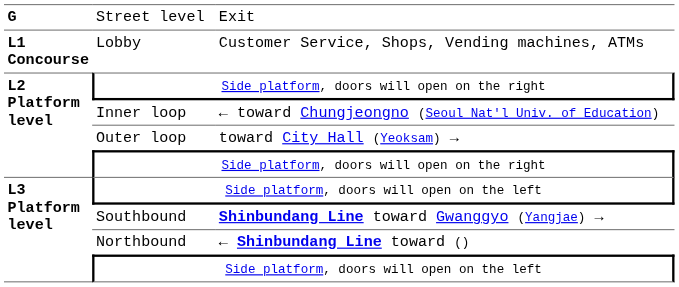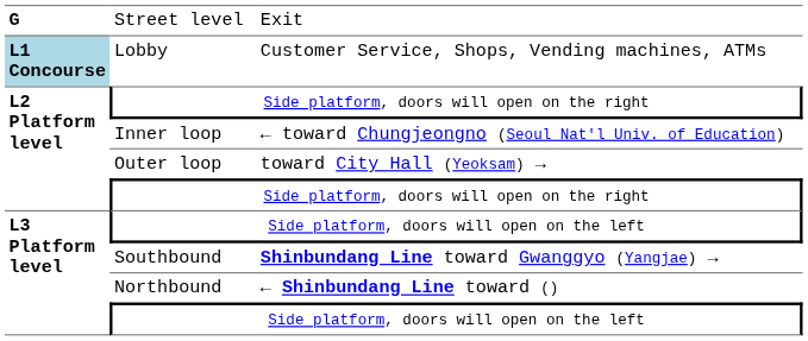 <table table border=0 cellspacing=0 cellpadding=3>
 <tr>
 <td style="border-top:solid 1px gray;" width=50 valign=top><strong>G</strong></td>
 <td style="border-top:solid 1px gray;" width=100 valign=top>Street level</td>
 <td style="border-top:solid 1px gray;" width=390 valign=top>Exit</td>
 </tr>
 <tr>
-<td style="border-top:solid 1px gray;" valign=top width=50><strong>L1<br>Concourse</strong></td>
+<td style="background: lightblue; border-top:solid 1px gray;" valign=top width=50><strong>L1<br>Concourse</strong></td>
 <td style="border-top:solid 1px gray;" valign=top width=100>Lobby</td>
 <td style="border-top:solid 1px gray;" valign=top width=390>Customer Service, Shops, Vending machines, ATMs</td>
 </tr>
 <tr>
 <td style="border-top:solid 1px gray;border-bottom:solid 1px gray;" width=50 rowspan=4 valign=top><strong>L2<br>Platform level</strong></td>
 <td style="border-top:solid 1px gray;border-right:solid 2px black;border-left:solid 2px black;border-bottom:solid 2px black;text-align:center;" colspan=2><small><a href='#'>Side platform</a>, doors will open on the right </small></td>
 </tr>
 <tr>
 <td style="border-bottom:solid 1px gray;" width=100>Inner loop</td>
 <td style="border-bottom:solid 1px gray;" width=390>←  toward <a href='#'>Chungjeongno</a> <small>(<a href='#'>Seoul Nat'l Univ. of Education</a>)</small></td>
 </tr>
 <tr>
 <td>Outer loop</td>
 <td>  toward <a href='#'>City Hall</a> <small>(<a href='#'>Yeoksam</a>)</small> →</td>
 </tr>
 <tr>
 <td style="border-top:solid 2px black;border-right:solid 2px black;border-left:solid 2px black;border-bottom:solid 1px gray;text-align:center;" colspan=2><small><a href='#'>Side platform</a>, doors will open on the right </small></td>
 </tr>
 <tr>
 <td style="border-top:solid 0 gray;border-bottom:solid 1px gray;" width=50 rowspan=4 valign=top><strong>L3<br>Platform level</strong></td>
 <td style="border-top:solid 0gray;border-right:solid 2px black;border-left:solid 2px black;border-bottom:solid 2px black;text-align:center;" colspan=2><small><a href='#'>Side platform</a>, doors will open on the left </small></td>
 </tr>
 <tr>
 <td>Southbound</td>
 <td> <a href='#'><span><strong>Shinbundang Line</strong></span></a> toward <a href='#'>Gwanggyo</a> <small>(<a href='#'>Yangjae</a>)</small> →</td>
 </tr>
 <tr>
 <td style="border-bottom:solid 0px gray;border-top:solid 1px gray;" width=100>Northbound</td>
 <td style="border-bottom:solid 0px gray;border-top:solid 1px gray;" width=390>← <a href='#'><span><strong>Shinbundang Line</strong></span></a> toward  <small>()</small></td>
 </tr>
 <tr>
 <td style="border-top:solid 2px black;border-right:solid 2px black;border-left:solid 2px black;border-bottom:solid 1px gray;text-align:center;" colspan=2><small><a href='#'>Side platform</a>, doors will open on the left </small></td>
 </tr>
 </table>
